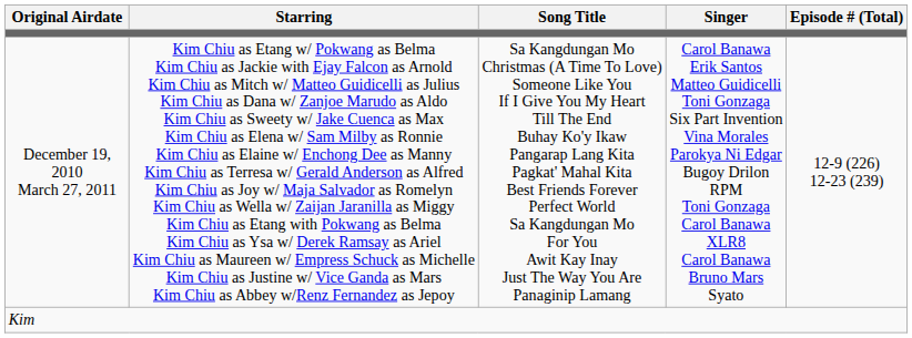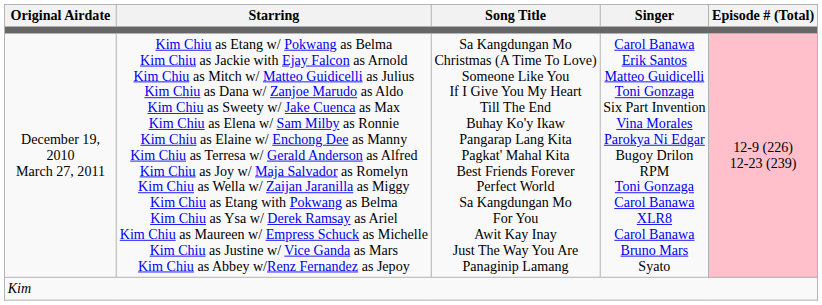 <table class="wikitable">
 <tr>
 <th width=120px>Original Airdate</th>
 <th>Starring</th>
 <th>Song Title</th>
 <th>Singer</th>
 <th>Episode # (Total)</th>
 </tr>
 <tr bgcolor="#666">
 <td colspan="6"></td>
 </tr>
 <tr>
 <td align="center">December 19, 2010 <br> March 27, 2011</td>
 <td align="center"><a href='#'>Kim Chiu</a> as Etang w/ <a href='#'>Pokwang</a> as Belma<br> <a href='#'>Kim Chiu</a> as Jackie with <a href='#'>Ejay Falcon</a> as Arnold<br> <a href='#'>Kim Chiu</a> as Mitch w/ <a href='#'>Matteo Guidicelli</a>  as Julius <br> <a href='#'>Kim Chiu</a> as Dana w/ <a href='#'>Zanjoe Marudo</a> as Aldo <br> <a href='#'>Kim Chiu</a> as Sweety w/ <a href='#'>Jake Cuenca</a> as Max <br> <a href='#'>Kim Chiu</a> as Elena w/ <a href='#'>Sam Milby</a> as Ronnie  <br> <a href='#'>Kim Chiu</a> as Elaine w/ <a href='#'>Enchong Dee</a> as Manny<br> <a href='#'>Kim Chiu</a> as Terresa w/ <a href='#'>Gerald Anderson</a> as Alfred <br><a href='#'>Kim Chiu</a> as Joy w/ <a href='#'>Maja Salvador</a> as Romelyn <br> <a href='#'>Kim Chiu</a> as Wella w/ <a href='#'>Zaijan Jaranilla</a> as Miggy<br> <a href='#'>Kim Chiu</a> as Etang with <a href='#'>Pokwang</a> as Belma <br><a href='#'>Kim Chiu</a> as Ysa w/ <a href='#'>Derek Ramsay</a> as Ariel <br> <a href='#'>Kim Chiu</a> as Maureen w/ <a href='#'>Empress Schuck</a> as Michelle <br> <a href='#'>Kim Chiu</a> as Justine w/ <a href='#'>Vice Ganda</a> as Mars <br>  <a href='#'>Kim Chiu</a> as Abbey w/<a href='#'>Renz Fernandez</a> as Jepoy <br></td>
 <td align="center">Sa Kangdungan Mo <br> Christmas (A Time To Love) <br> Someone Like You <br> If I Give You My Heart  <br> Till The End <br> Buhay Ko'y Ikaw <br> Pangarap Lang Kita <br> Pagkat' Mahal Kita <br>Best Friends Forever <br> Perfect World <br> Sa Kangdungan Mo <br> For You<br> Awit Kay Inay <br> Just The Way You Are <br> Panaginip Lamang <br></td>
 <td align="center"><a href='#'>Carol Banawa</a> <br> <a href='#'>Erik Santos</a><br> <a href='#'>Matteo Guidicelli</a>  <br> <a href='#'>Toni Gonzaga</a> <br>  Six Part Invention <br> <a href='#'>Vina Morales</a> <br> <a href='#'>Parokya Ni Edgar</a> <br> Bugoy Drilon <br>RPM <br> <a href='#'>Toni Gonzaga</a> <br> <a href='#'>Carol Banawa</a> <br> <a href='#'>XLR8</a> <br> <a href='#'>Carol Banawa</a> <br> <a href='#'>Bruno Mars</a> <br> Syato <br></td>
-<td align="center">12-9 (226) <br> 12-23 (239)</td>
+<td align="center" style="background: pink;">12-9 (226) <br> 12-23 (239)</td>
 </tr>
 <tr>
 <td colspan="5"><em>Kim</em></td>
 </tr>
 </table>
